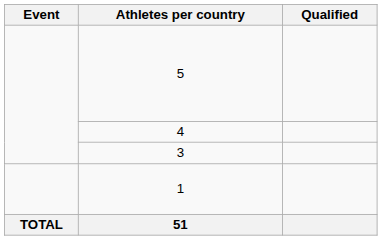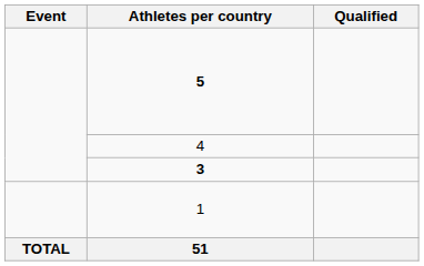 <table class=wikitable width=450>
 <tr>
 <th>Event</th>
 <th>Athletes per country</th>
 <th>Qualified</th>
 </tr>
 <tr>
 <td rowspan="3"></td>
-<td align="center">5</td>
+<td align="center"><strong>5</strong></td>
 <td><br><br><br><br><br><br></td>
 </tr>
 <tr>
 <td align="center">4</td>
 <td></td>
 </tr>
 <tr>
-<td align="center">3</td>
+<td align="center"><strong>3</strong></td>
 <td><br></td>
 </tr>
 <tr>
 <td></td>
 <td align="center">1</td>
 <td><br><br><br></td>
 </tr>
 <tr>
 <th>TOTAL</th>
 <th>51</th>
 <th></th>
 </tr>
 </table>
